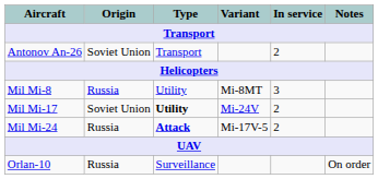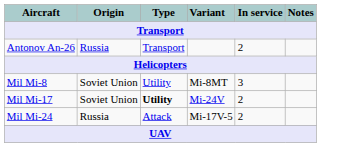 <table class="wikitable sortable">
 <tr>
 <th style="text-align:center; background:#acc;">Aircraft</th>
 <th style="text-align: center; background:#acc;">Origin</th>
 <th style="text-align:center; background:#acc;">Type</th>
 <th style="text-align:left; background:#acc;">Variant</th>
 <th style="text-align:center; background:#acc;">In service</th>
 <th style="text-align: center; background:#acc;">Notes</th>
 </tr>
 <tr>
 <th colspan="6" style="align: center; background: lavender;"><a href='#'>Transport</a></th>
 </tr>
 <tr>
 <td><a href='#'>Antonov An-26</a></td>
-<td>Soviet Union</td>
+<td><a href='#'>Russia</a></td>
 <td><a href='#'>Transport</a></td>
 <td></td>
 <td>2</td>
 <td></td>
 </tr>
 <tr>
 <th colspan="6" style="align: center; background: lavender;"><a href='#'>Helicopters</a></th>
 </tr>
 <tr>
 <td><a href='#'>Mil Mi-8</a></td>
-<td><a href='#'>Russia</a></td>
+<td>Soviet Union</td>
 <td><a href='#'>Utility</a></td>
 <td>Mi-8MT</td>
 <td>3</td>
 <td></td>
 </tr>
 <tr>
 <td><a href='#'>Mil Mi-17</a></td>
 <td>Soviet Union</td>
 <td><strong>Utility</strong></td>
 <td><a href='#'>Mi-24V</a></td>
 <td>2</td>
 <td></td>
 </tr>
 <tr>
 <td><a href='#'>Mil Mi-24</a></td>
 <td>Russia</td>
-<td><strong><a href='#'>Attack</a></strong></td>
+<td><a href='#'>Attack</a></td>
 <td>Mi-17V-5</td>
 <td>2</td>
 <td></td>
 </tr>
 <tr>
 <th colspan="6" style="align: center; background: lavender;"><a href='#'>UAV</a></th>
 </tr>
-<tr>
-<td><a href='#'>Orlan-10</a></td>
-<td>Russia</td>
-<td><a href='#'>Surveillance</a></td>
-<td></td>
-<td></td>
-<td>On order</td>
-</tr>
 </table>
